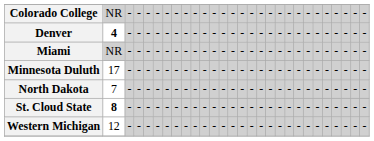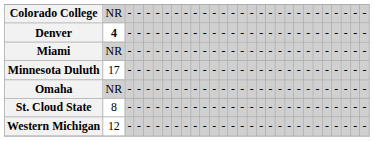 <table class="wikitable sortable" style="text-align: center;">
 <tr>
 </tr>
 <tr bgcolor=d0d0d0>
 <th>Colorado College</th>
 <td>NR</td>
 <td>-</td>
 <td>-</td>
 <td>-</td>
 <td>-</td>
 <td>-</td>
 <td>-</td>
 <td>-</td>
 <td>-</td>
 <td>-</td>
 <td>-</td>
 <td>-</td>
 <td>-</td>
 <td>-</td>
 <td>-</td>
 <td>-</td>
 <td>-</td>
 <td>-</td>
 <td>-</td>
 <td>-</td>
 <td>-</td>
 <td>-</td>
 <td>-</td>
 <td>-</td>
 <td>-</td>
 <td>-</td>
 <td>-</td>
 </tr>
 <tr bgcolor=d0d0d0>
 <th>Denver</th>
 <td bgcolor=ffffff><strong>4</strong></td>
 <td>-</td>
 <td>-</td>
 <td>-</td>
 <td>-</td>
 <td>-</td>
 <td>-</td>
 <td>-</td>
 <td>-</td>
 <td>-</td>
 <td>-</td>
 <td>-</td>
 <td>-</td>
 <td>-</td>
 <td>-</td>
 <td>-</td>
 <td>-</td>
 <td>-</td>
 <td>-</td>
 <td>-</td>
 <td>-</td>
 <td>-</td>
 <td>-</td>
 <td>-</td>
 <td>-</td>
 <td>-</td>
 <td>-</td>
 </tr>
 <tr bgcolor=d0d0d0>
 <th>Miami</th>
 <td>NR</td>
 <td>-</td>
 <td>-</td>
 <td>-</td>
 <td>-</td>
 <td>-</td>
 <td>-</td>
 <td>-</td>
 <td>-</td>
 <td>-</td>
 <td>-</td>
 <td>-</td>
 <td>-</td>
 <td>-</td>
 <td>-</td>
 <td>-</td>
 <td>-</td>
 <td>-</td>
 <td>-</td>
 <td>-</td>
 <td>-</td>
 <td>-</td>
 <td>-</td>
 <td>-</td>
 <td>-</td>
 <td>-</td>
 <td>-</td>
 </tr>
 <tr bgcolor=d0d0d0>
 <th>Minnesota Duluth</th>
 <td bgcolor=ffffff>17</td>
 <td>-</td>
 <td>-</td>
 <td>-</td>
 <td>-</td>
 <td>-</td>
 <td>-</td>
 <td>-</td>
 <td>-</td>
 <td>-</td>
 <td>-</td>
 <td>-</td>
 <td>-</td>
 <td>-</td>
 <td>-</td>
 <td>-</td>
 <td>-</td>
 <td>-</td>
 <td>-</td>
 <td>-</td>
 <td>-</td>
 <td>-</td>
 <td>-</td>
 <td>-</td>
 <td>-</td>
 <td>-</td>
 <td>-</td>
 </tr>
 <tr bgcolor=d0d0d0>
-<th>North Dakota</th>
-<td bgcolor=ffffff>7</td>
+<th>Omaha</th>
+<td>NR</td>
 <td>-</td>
 <td>-</td>
 <td>-</td>
 <td>-</td>
 <td>-</td>
 <td>-</td>
 <td>-</td>
 <td>-</td>
 <td>-</td>
 <td>-</td>
 <td>-</td>
 <td>-</td>
 <td>-</td>
 <td>-</td>
 <td>-</td>
 <td>-</td>
 <td>-</td>
 <td>-</td>
 <td>-</td>
 <td>-</td>
 <td>-</td>
 <td>-</td>
 <td>-</td>
 <td>-</td>
 <td>-</td>
 <td>-</td>
 </tr>
 <tr bgcolor=d0d0d0>
 <th>St. Cloud State</th>
-<td bgcolor=ffffff><strong>8</strong></td>
+<td bgcolor=ffffff>8</td>
 <td>-</td>
 <td>-</td>
 <td>-</td>
 <td>-</td>
 <td>-</td>
 <td>-</td>
 <td>-</td>
 <td>-</td>
 <td>-</td>
 <td>-</td>
 <td>-</td>
 <td>-</td>
 <td>-</td>
 <td>-</td>
 <td>-</td>
 <td>-</td>
 <td>-</td>
 <td>-</td>
 <td>-</td>
 <td>-</td>
 <td>-</td>
 <td>-</td>
 <td>-</td>
 <td>-</td>
 <td>-</td>
 <td>-</td>
 </tr>
 <tr bgcolor=d0d0d0>
 <th>Western Michigan</th>
 <td bgcolor=ffffff>12</td>
 <td>-</td>
 <td>-</td>
 <td>-</td>
 <td>-</td>
 <td>-</td>
 <td>-</td>
 <td>-</td>
 <td>-</td>
 <td>-</td>
 <td>-</td>
 <td>-</td>
 <td>-</td>
 <td>-</td>
 <td>-</td>
 <td>-</td>
 <td>-</td>
 <td>-</td>
 <td>-</td>
 <td>-</td>
 <td>-</td>
 <td>-</td>
 <td>-</td>
 <td>-</td>
 <td>-</td>
 <td>-</td>
 <td>-</td>
 </tr>
 <tr>
 </tr>
 </table>
